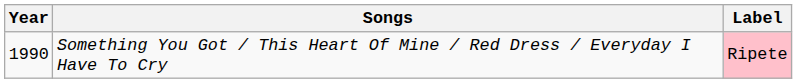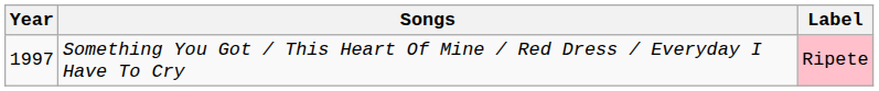 <table class="wikitable">
 <tr>
 <th>Year</th>
 <th>Songs</th>
 <th>Label</th>
 </tr>
 <tr>
-<td>1990</td>
+<td>1997</td>
 <td><em>Something You Got / This Heart Of Mine / Red Dress / Everyday I Have To Cry</em></td>
 <td style="background: pink;">Ripete</td>
 </tr>
 </table>
